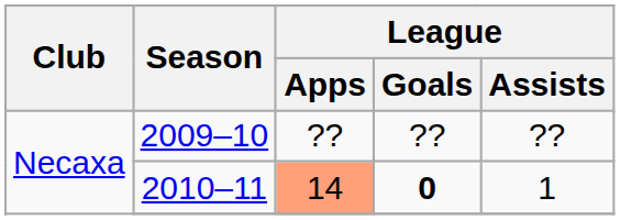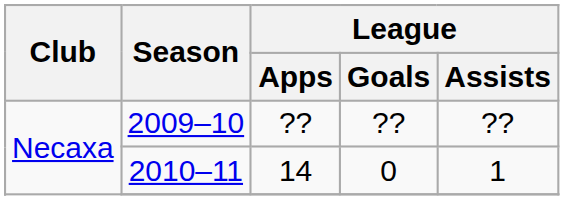 <table class="wikitable" style="font-size:90%; text-align:center;">
 <tr>
 <th rowspan="2">Club</th>
 <th rowspan="2">Season</th>
 <th colspan="3">League</th>
 </tr>
 <tr>
 <th>Apps</th>
 <th>Goals</th>
 <th>Assists</th>
 </tr>
 <tr>
 <td rowspan="9"><a href='#'>Necaxa</a></td>
 <td><a href='#'>2009–10</a></td>
 <td>??</td>
 <td>??</td>
 <td>??</td>
 </tr>
 <tr>
 <td><a href='#'>2010–11</a></td>
-<td style="background: lightsalmon;">14</td>
-<td><strong>0</strong></td>
+<td>14</td>
+<td>0</td>
 <td>1</td>
 </tr>
 <tr>
 </tr>
 </table>
